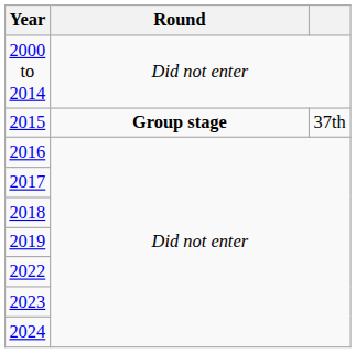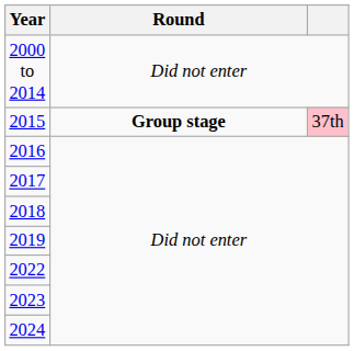 <table class="wikitable" style="text-align: center; font-size:90%">
 <tr>
 <th>Year</th>
 <th style="width:200px">Round</th>
 <th></th>
 </tr>
 <tr>
 <td><a href='#'>2000</a><br>to<br><a href='#'>2014</a></td>
 <td colspan="2"><em>Did not enter</em></td>
 </tr>
 <tr>
 <td><a href='#'>2015</a></td>
 <td><strong>Group stage</strong></td>
-<td>37th</td>
+<td style="background: pink;">37th</td>
 </tr>
 <tr>
 <td><a href='#'>2016</a></td>
 <td colspan="2" rowspan="7"><em>Did not enter</em></td>
 </tr>
 <tr>
 <td><a href='#'>2017</a></td>
 </tr>
 <tr>
 <td><a href='#'>2018</a></td>
 </tr>
 <tr>
 <td><a href='#'>2019</a></td>
 </tr>
 <tr>
 <td><a href='#'>2022</a></td>
 </tr>
 <tr>
 <td><a href='#'>2023</a></td>
 </tr>
 <tr>
 <td><a href='#'>2024</a></td>
 </tr>
 </table>
